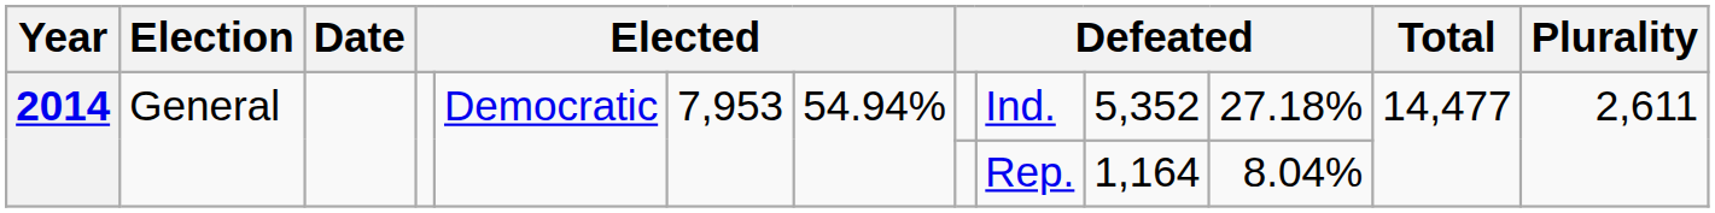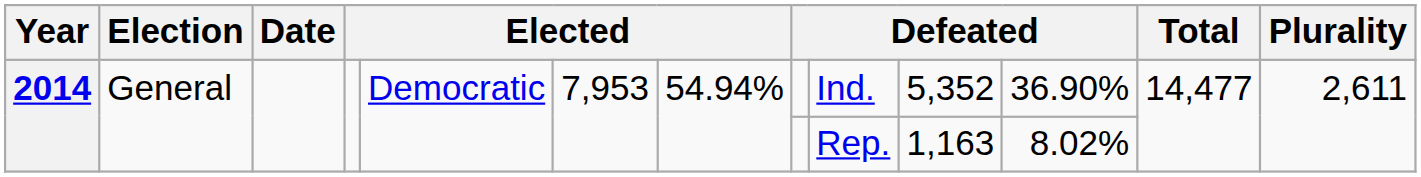 <table class="wikitable">
 <tr>
 <th>Year</th>
 <th>Election</th>
 <th>Date</th>
 <th colspan="4">Elected</th>
 <th colspan="4">Defeated</th>
 <th>Total</th>
 <th>Plurality</th>
 </tr>
 <tr>
 <th rowspan="2" valign="top"><a href='#'>2014</a></th>
 <td rowspan="2" valign="top">General</td>
 <td rowspan="2" valign="top"></td>
 <td rowspan="2" valign="top"></td>
 <td valign="top" rowspan="2" ><a href='#'>Democratic</a></td>
 <td rowspan="2" align="right" valign="top">7,953</td>
 <td rowspan="2" align="right" valign="top">54.94%</td>
 <td valign="top"></td>
 <td valign="top" ><a href='#'>Ind.</a></td>
 <td align="right" valign="top">5,352</td>
-<td align="right" valign="top">27.18%</td>
+<td align="right" valign="top">36.90%</td>
 <td rowspan="2" align="right" valign="top">14,477</td>
 <td rowspan="2" align="right" valign="top">2,611</td>
 </tr>
 <tr>
 <td valign="top"></td>
 <td valign="top" ><a href='#'>Rep.</a></td>
-<td align="right" valign="top">1,164</td>
-<td align="right" valign="top">8.04%</td>
+<td align="right" valign="top">1,163</td>
+<td align="right" valign="top">8.02%</td>
 </tr>
 </table>
